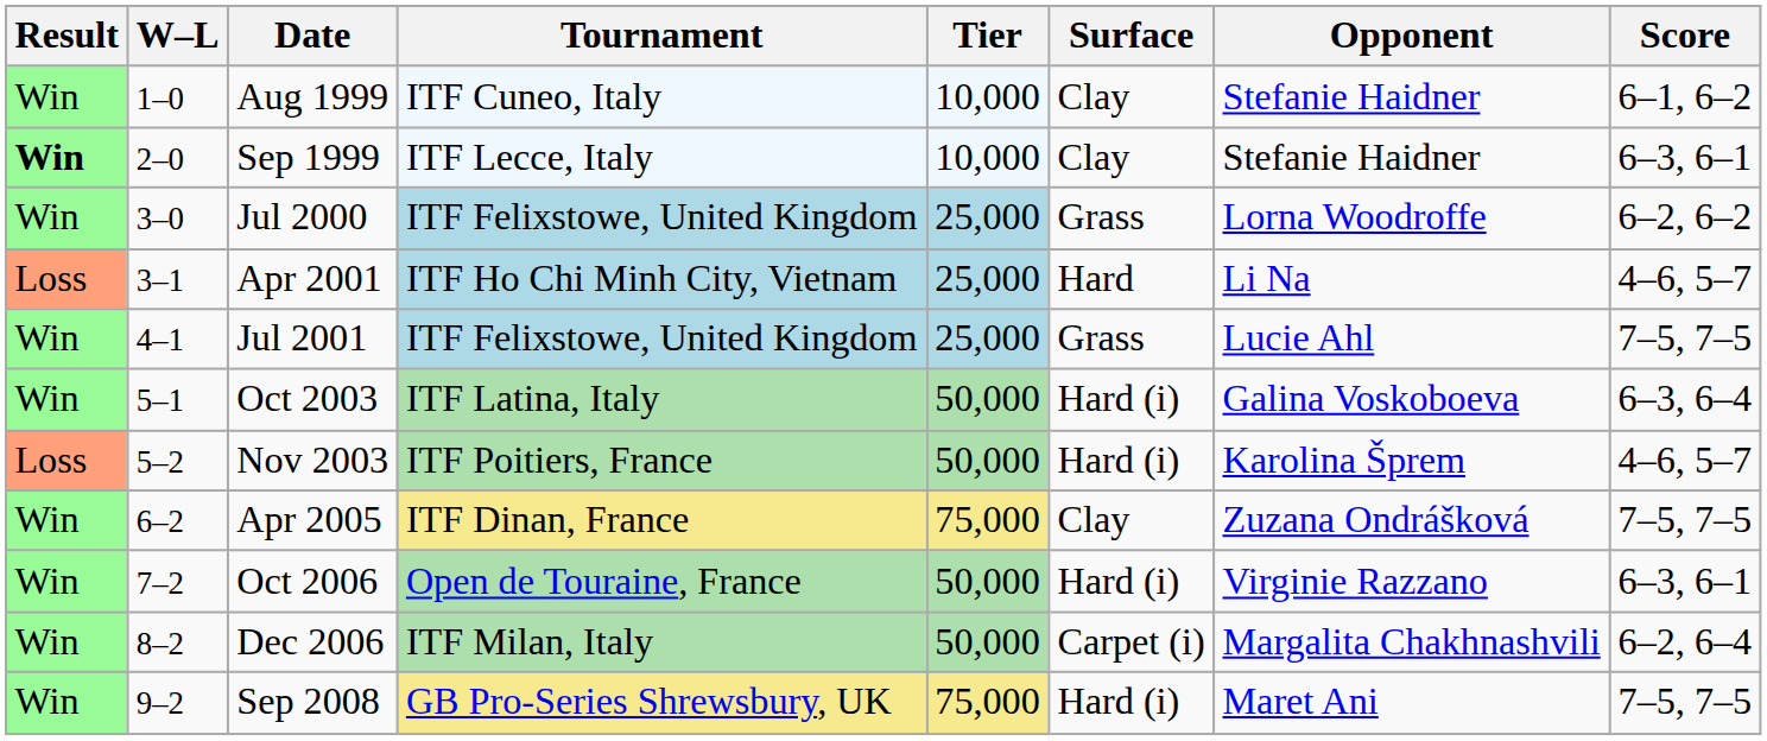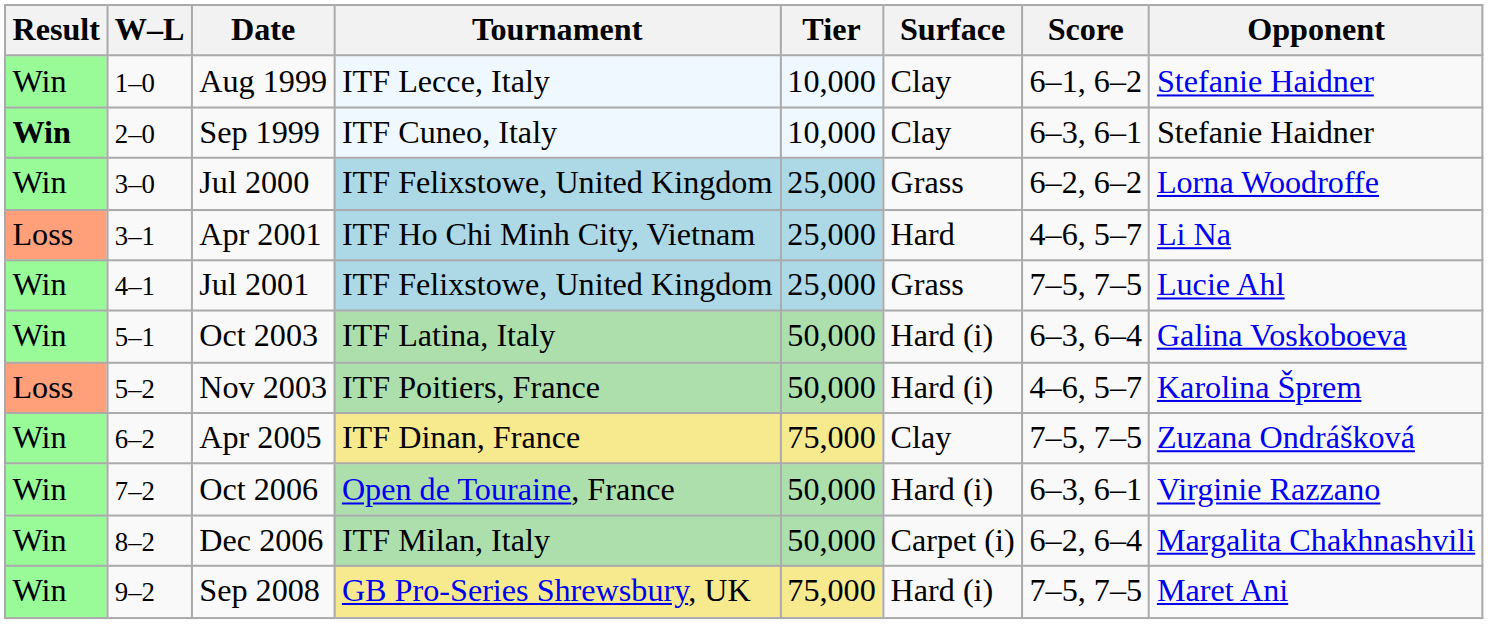 <table class="sortable wikitable">
 <tr>
 <th>Result</th>
 <th class="unsortable">W–L</th>
 <th>Date</th>
 <th>Tournament</th>
 <th>Tier</th>
 <th>Surface</th>
+<th class="unsortable">Score</th>
 <th>Opponent</th>
-<th class="unsortable">Score</th>
 </tr>
 <tr>
 <td style="background:#98fb98;">Win</td>
 <td><small>1–0</small></td>
 <td>Aug 1999</td>
-<td style="background:#f0f8ff;">ITF Cuneo, Italy</td>
+<td style="background:#f0f8ff;">ITF Lecce, Italy</td>
 <td style="background:#f0f8ff;">10,000</td>
 <td>Clay</td>
+<td>6–1, 6–2</td>
 <td> <a href='#'>Stefanie Haidner</a></td>
-<td>6–1, 6–2</td>
 </tr>
 <tr>
 <td style="background:#98fb98;"><strong>Win</strong></td>
 <td><small>2–0</small></td>
 <td>Sep 1999</td>
-<td style="background:#f0f8ff;">ITF Lecce, Italy</td>
+<td style="background:#f0f8ff;">ITF Cuneo, Italy</td>
 <td style="background:#f0f8ff;">10,000</td>
 <td>Clay</td>
+<td>6–3, 6–1</td>
 <td> Stefanie Haidner</td>
-<td>6–3, 6–1</td>
 </tr>
 <tr>
 <td style="background:#98fb98;">Win</td>
 <td><small>3–0</small></td>
 <td>Jul 2000</td>
 <td style="background:lightblue;">ITF Felixstowe, United Kingdom</td>
 <td style="background:lightblue;">25,000</td>
 <td>Grass</td>
+<td>6–2, 6–2</td>
 <td> <a href='#'>Lorna Woodroffe</a></td>
-<td>6–2, 6–2</td>
 </tr>
 <tr>
 <td bgcolor="FFA07A">Loss</td>
 <td><small>3–1</small></td>
 <td>Apr 2001</td>
 <td style="background:lightblue;">ITF Ho Chi Minh City, Vietnam</td>
 <td style="background:lightblue;">25,000</td>
 <td>Hard</td>
+<td>4–6, 5–7</td>
 <td> <a href='#'>Li Na</a></td>
-<td>4–6, 5–7</td>
 </tr>
 <tr>
 <td style="background:#98fb98;">Win</td>
 <td><small>4–1</small></td>
 <td>Jul 2001</td>
 <td style="background:lightblue;">ITF Felixstowe, United Kingdom</td>
 <td style="background:lightblue;">25,000</td>
 <td>Grass</td>
+<td>7–5, 7–5</td>
 <td> <a href='#'>Lucie Ahl</a></td>
-<td>7–5, 7–5</td>
 </tr>
 <tr>
 <td style="background:#98fb98;">Win</td>
 <td><small>5–1</small></td>
 <td>Oct 2003</td>
 <td style="background:#addfad">ITF Latina, Italy</td>
 <td style="background:#addfad">50,000</td>
 <td>Hard (i)</td>
+<td>6–3, 6–4</td>
 <td> <a href='#'>Galina Voskoboeva</a></td>
-<td>6–3, 6–4</td>
 </tr>
 <tr>
 <td bgcolor="FFA07A">Loss</td>
 <td><small>5–2</small></td>
 <td>Nov 2003</td>
 <td style="background:#addfad">ITF Poitiers, France</td>
 <td style="background:#addfad">50,000</td>
 <td>Hard (i)</td>
+<td>4–6, 5–7</td>
 <td> <a href='#'>Karolina Šprem</a></td>
-<td>4–6, 5–7</td>
 </tr>
 <tr>
 <td style="background:#98fb98;">Win</td>
 <td><small>6–2</small></td>
 <td>Apr 2005</td>
 <td style="background:#f7e98e;">ITF Dinan, France</td>
 <td style="background:#f7e98e;">75,000</td>
 <td>Clay</td>
+<td>7–5, 7–5</td>
 <td> <a href='#'>Zuzana Ondrášková</a></td>
-<td>7–5, 7–5</td>
 </tr>
 <tr>
 <td style="background:#98fb98;">Win</td>
 <td><small>7–2</small></td>
 <td>Oct 2006</td>
 <td style="background:#addfad"><a href='#'>Open de Touraine</a>, France</td>
 <td style="background:#addfad">50,000</td>
 <td>Hard (i)</td>
+<td>6–3, 6–1</td>
 <td> <a href='#'>Virginie Razzano</a></td>
-<td>6–3, 6–1</td>
 </tr>
 <tr>
 <td style="background:#98fb98;">Win</td>
 <td><small>8–2</small></td>
 <td>Dec 2006</td>
 <td style="background:#addfad;">ITF Milan, Italy</td>
 <td style="background:#addfad;">50,000</td>
 <td>Carpet (i)</td>
+<td>6–2, 6–4</td>
 <td> <a href='#'>Margalita Chakhnashvili</a></td>
-<td>6–2, 6–4</td>
 </tr>
 <tr>
 <td style="background:#98fb98;">Win</td>
 <td><small>9–2</small></td>
 <td>Sep 2008</td>
 <td style="background:#f7e98e;"><a href='#'>GB Pro-Series Shrewsbury</a>, UK</td>
 <td style="background:#f7e98e;">75,000</td>
 <td>Hard (i)</td>
+<td>7–5, 7–5</td>
 <td> <a href='#'>Maret Ani</a></td>
-<td>7–5, 7–5</td>
 </tr>
 </table>
